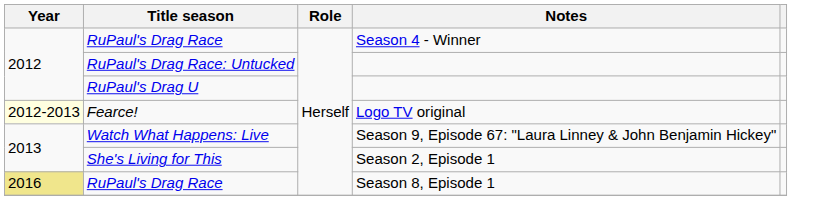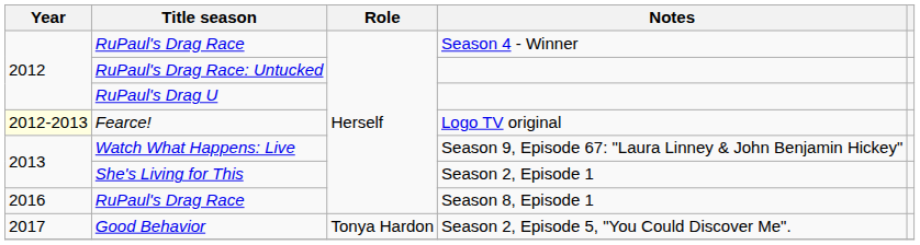 <table class="wikitable unsortable">
 <tr>
 <th>Year</th>
 <th>Title season</th>
 <th>Role</th>
 <th>Notes</th>
 <th></th>
 </tr>
 <tr>
 <td rowspan="3">2012</td>
 <td><em><a href='#'>RuPaul's Drag Race</a></em></td>
 <td rowspan="7">Herself</td>
 <td><a href='#'>Season 4</a> - Winner</td>
 <td></td>
 </tr>
 <tr>
 <td><em><a href='#'>RuPaul's Drag Race: Untucked</a></em></td>
 <td></td>
 <td></td>
 </tr>
 <tr>
 <td><em><a href='#'>RuPaul's Drag U</a></em></td>
 <td></td>
 <td></td>
 </tr>
 <tr>
 <td style="background: lightyellow;">2012-2013</td>
 <td><em>Fearce!</em></td>
 <td><a href='#'>Logo TV</a> original</td>
 <td></td>
 </tr>
 <tr>
 <td rowspan="2">2013</td>
 <td><em><a href='#'>Watch What Happens: Live</a></em></td>
 <td>Season 9, Episode 67: "Laura Linney & John Benjamin Hickey"</td>
 <td></td>
 </tr>
 <tr>
 <td><em><a href='#'>She's Living for This</a></em></td>
 <td>Season 2, Episode 1</td>
 <td></td>
 </tr>
 <tr>
-<td style="background: khaki;">2016</td>
+<td>2016</td>
 <td><em><a href='#'>RuPaul's Drag Race</a></em></td>
 <td>Season 8, Episode 1</td>
 <td></td>
 </tr>
 <tr>
+<td>2017</td>
+<td><em><a href='#'>Good Behavior</a></em></td>
+<td>Tonya Hardon</td>
+<td>Season 2, Episode 5, "You Could Discover Me".</td>
+<td></td>
+</tr>
+<tr>
 </tr>
 </table>
